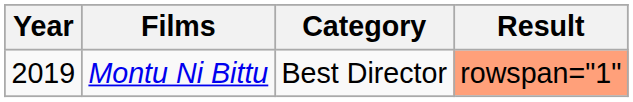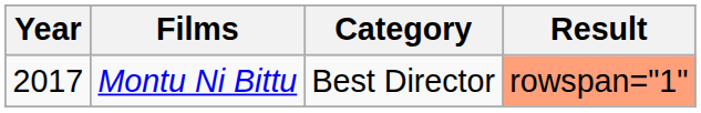 <table class="wikitable sortable">
 <tr>
 <th>Year</th>
 <th>Films</th>
 <th>Category</th>
 <th>Result</th>
 </tr>
 <tr>
-<td>2019</td>
+<td>2017</td>
 <td><em><a href='#'>Montu Ni Bittu</a></em><br></td>
 <td rowspan=1>Best Director</td>
 <td style="background: lightsalmon;">rowspan="1" </td>
 </tr>
 </table>
